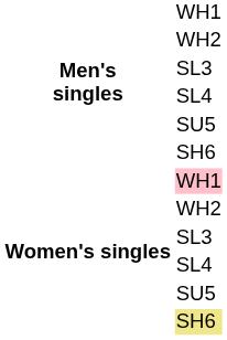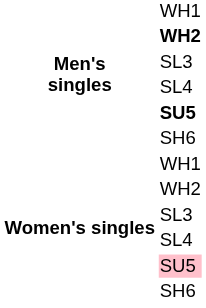 <table>
 <tr>
 <th rowspan="6">Men's<br>singles</th>
+<td>WH1<br></td>
+<td></td>
+<td></td>
+<td></td>
+</tr>
+<tr>
+<td><strong>WH2<br></strong></td>
+<td></td>
+<td></td>
+<td></td>
+</tr>
+<tr>
+<td>SL3<br></td>
+<td></td>
+<td></td>
+<td></td>
+</tr>
+<tr>
+<td>SL4<br></td>
+<td></td>
+<td></td>
+<td></td>
+</tr>
+<tr>
+<td><strong>SU5<br></strong></td>
+<td></td>
+<td></td>
+<td></td>
+</tr>
+<tr>
+<td>SH6<br></td>
+<td></td>
+<td></td>
+<td></td>
+</tr>
+<tr>
+<th rowspan="6">Women's singles</th>
 <td>WH1<br></td>
 <td></td>
 <td></td>
 <td></td>
 </tr>
 <tr>
 <td>WH2<br></td>
 <td></td>
 <td></td>
 <td></td>
 </tr>
 <tr>
 <td>SL3<br></td>
 <td></td>
 <td></td>
 <td></td>
 </tr>
 <tr>
 <td>SL4<br></td>
 <td></td>
 <td></td>
 <td></td>
 </tr>
 <tr>
-<td>SU5<br></td>
+<td style="background: pink;">SU5<br></td>
 <td></td>
 <td></td>
 <td></td>
 </tr>
 <tr>
 <td>SH6<br></td>
 <td></td>
 <td></td>
 <td></td>
 </tr>
-<tr>
-<th rowspan="6">Women's singles</th>
-<td style="background: pink;">WH1<br></td>
-<td></td>
-<td></td>
-<td></td>
-</tr>
-<tr>
-<td>WH2<br></td>
-<td></td>
-<td></td>
-<td></td>
-</tr>
-<tr>
-<td>SL3<br></td>
-<td></td>
-<td></td>
-<td></td>
-</tr>
-<tr>
-<td>SL4<br></td>
-<td></td>
-<td></td>
-<td></td>
-</tr>
-<tr>
-<td>SU5<br></td>
-<td></td>
-<td></td>
-<td></td>
-</tr>
-<tr>
-<td style="background: khaki;">SH6<br></td>
-<td></td>
-<td></td>
-<td></td>
-</tr>
 </table>
